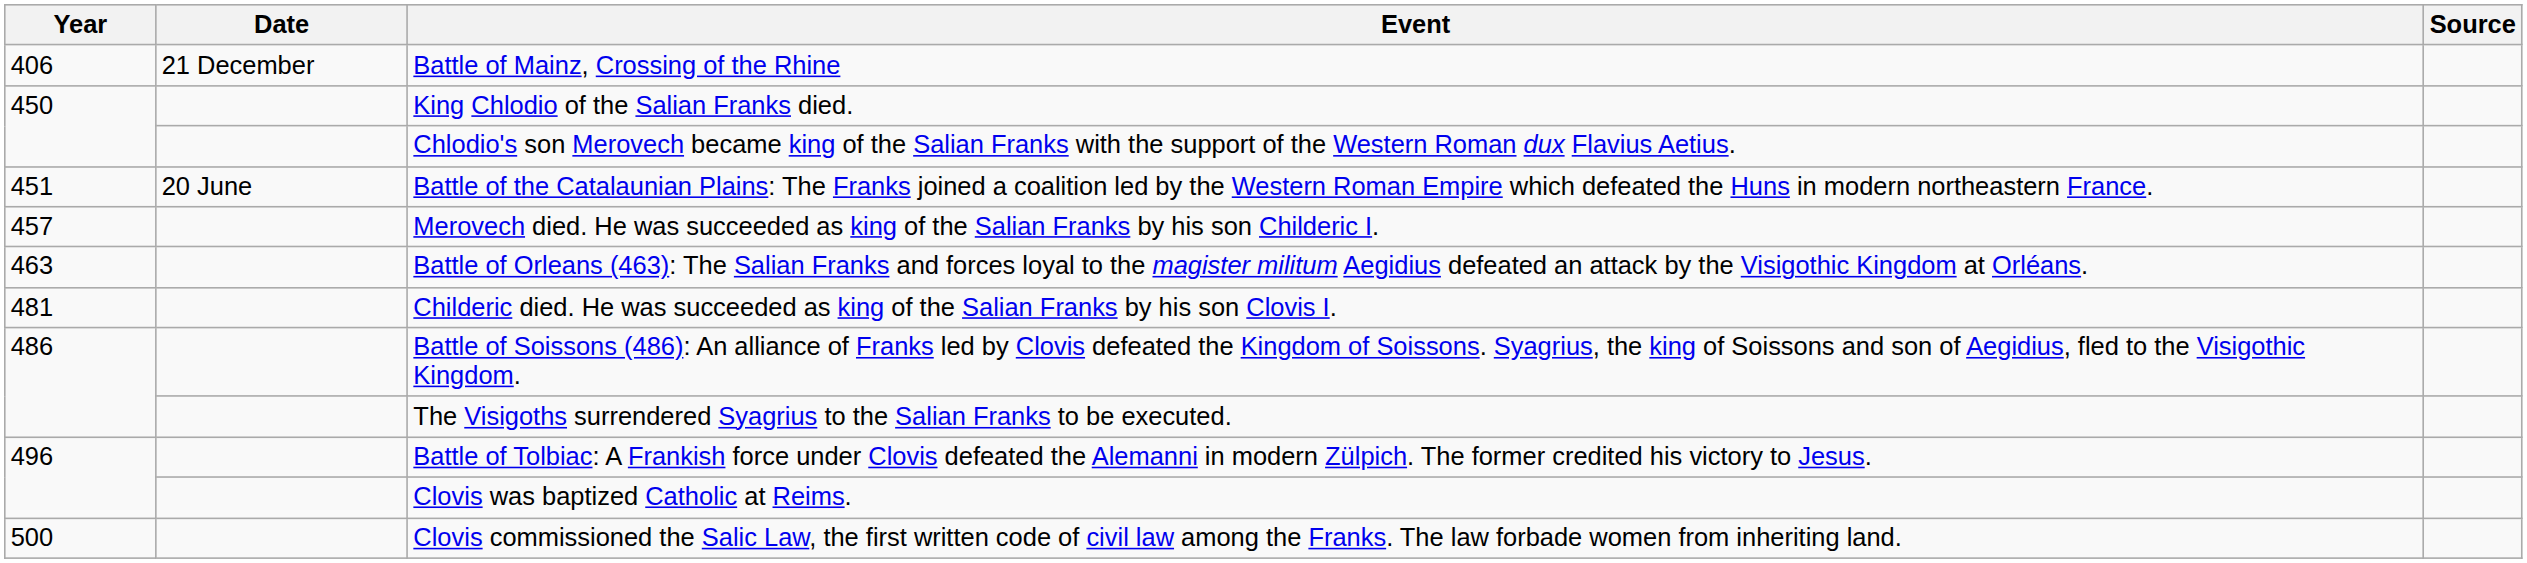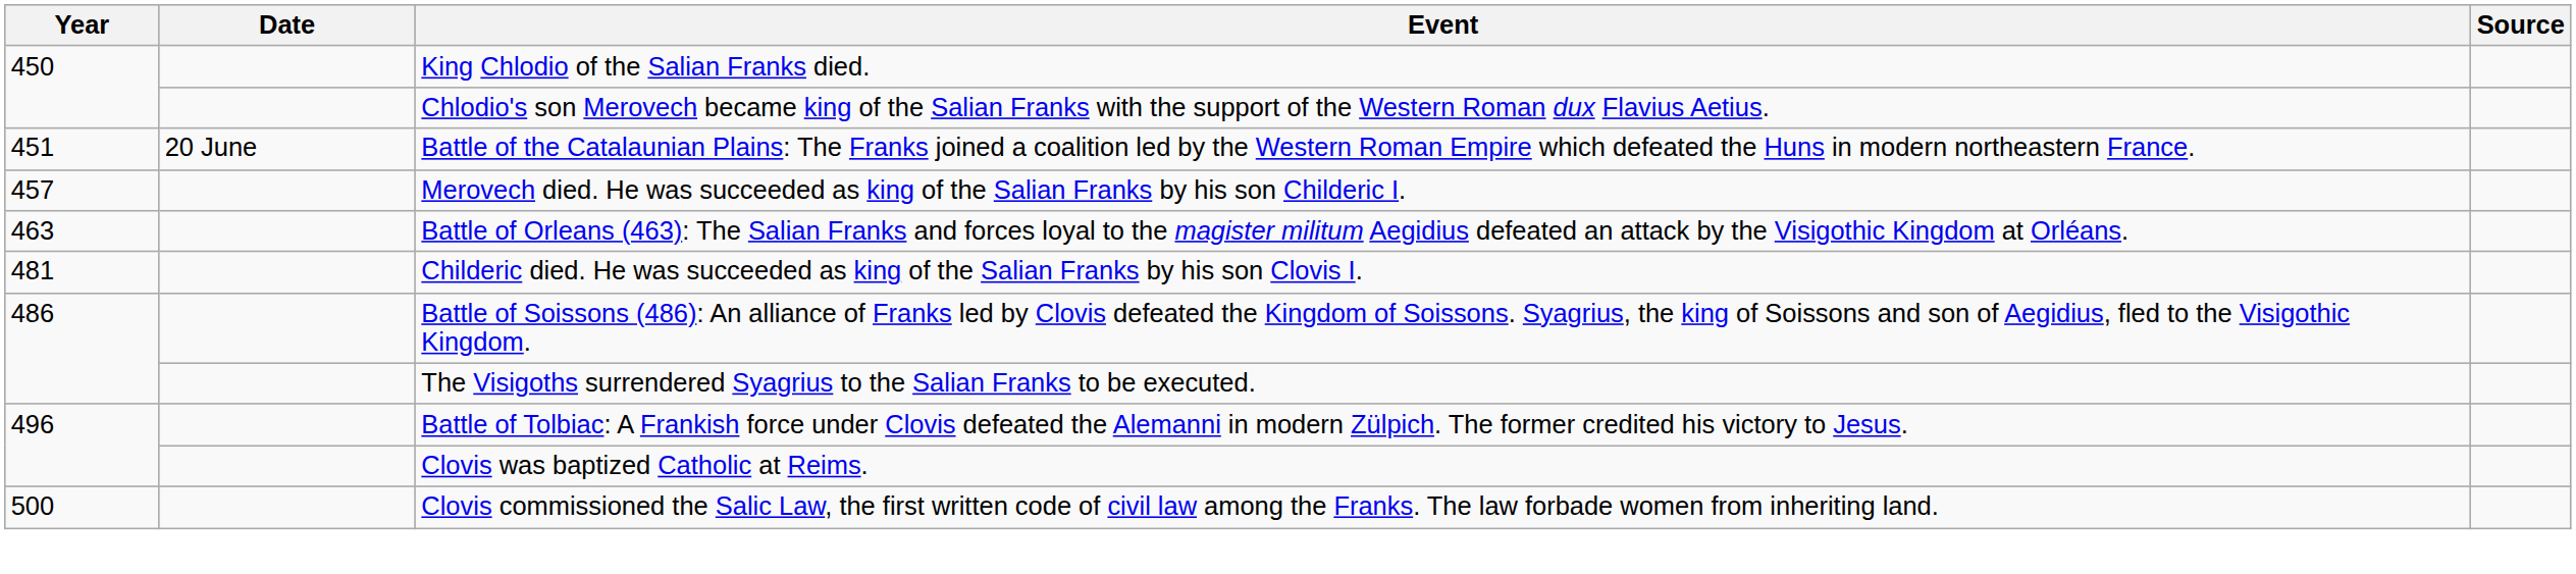 <table class="wikitable" width="100%">
 <tr>
 <th style="width:6%">Year</th>
 <th style="width:10%">Date</th>
 <th>Event</th>
 <th>Source</th>
-</tr>
-<tr>
-<td>406</td>
-<td>21 December</td>
-<td><a href='#'>Battle of Mainz</a>, <a href='#'>Crossing of the Rhine</a></td>
-<td></td>
 </tr>
 <tr>
 <td rowspan="2" valign="top">450</td>
 <td></td>
 <td><a href='#'>King</a> <a href='#'>Chlodio</a> of the <a href='#'>Salian Franks</a> died.</td>
 <td></td>
 </tr>
 <tr>
 <td></td>
 <td><a href='#'>Chlodio's</a> son <a href='#'>Merovech</a> became <a href='#'>king</a> of the <a href='#'>Salian Franks</a> with the support of the <a href='#'>Western Roman</a> <em><a href='#'>dux</a></em> <a href='#'>Flavius Aetius</a>.</td>
 <td></td>
 </tr>
 <tr>
 <td>451</td>
 <td>20 June</td>
 <td><a href='#'>Battle of the Catalaunian Plains</a>: The <a href='#'>Franks</a> joined a coalition led by the <a href='#'>Western Roman Empire</a> which defeated the <a href='#'>Huns</a> in modern northeastern <a href='#'>France</a>.</td>
 <td></td>
 </tr>
 <tr>
 <td>457</td>
 <td></td>
 <td><a href='#'>Merovech</a> died.  He was succeeded as <a href='#'>king</a> of the <a href='#'>Salian Franks</a> by his son <a href='#'>Childeric I</a>.</td>
 <td></td>
 </tr>
 <tr>
 <td>463</td>
 <td></td>
 <td><a href='#'>Battle of Orleans (463)</a>: The <a href='#'>Salian Franks</a> and forces loyal to the <em><a href='#'>magister militum</a></em> <a href='#'>Aegidius</a> defeated an attack by the <a href='#'>Visigothic Kingdom</a> at <a href='#'>Orléans</a>.</td>
 <td></td>
 </tr>
 <tr>
 <td>481</td>
 <td></td>
 <td><a href='#'>Childeric</a> died.  He was succeeded as <a href='#'>king</a> of the <a href='#'>Salian Franks</a> by his son <a href='#'>Clovis I</a>.</td>
 <td></td>
 </tr>
 <tr>
 <td rowspan="2" valign="top">486</td>
 <td></td>
 <td><a href='#'>Battle of Soissons (486)</a>: An alliance of <a href='#'>Franks</a> led by <a href='#'>Clovis</a> defeated the <a href='#'>Kingdom of Soissons</a>. <a href='#'>Syagrius</a>, the <a href='#'>king</a> of Soissons and son of <a href='#'>Aegidius</a>, fled to the <a href='#'>Visigothic Kingdom</a>.</td>
 <td></td>
 </tr>
 <tr>
 <td></td>
 <td>The <a href='#'>Visigoths</a> surrendered <a href='#'>Syagrius</a> to the <a href='#'>Salian Franks</a> to be executed.</td>
 <td></td>
 </tr>
 <tr>
 <td rowspan="2" valign="top">496</td>
 <td></td>
 <td><a href='#'>Battle of Tolbiac</a>: A <a href='#'>Frankish</a> force under <a href='#'>Clovis</a> defeated the <a href='#'>Alemanni</a> in modern <a href='#'>Zülpich</a>.  The former credited his victory to <a href='#'>Jesus</a>.</td>
 <td></td>
 </tr>
 <tr>
 <td></td>
 <td><a href='#'>Clovis</a> was baptized <a href='#'>Catholic</a> at <a href='#'>Reims</a>.</td>
 <td></td>
 </tr>
 <tr>
 <td>500</td>
 <td></td>
 <td><a href='#'>Clovis</a> commissioned the <a href='#'>Salic Law</a>, the first written code of <a href='#'>civil law</a> among the <a href='#'>Franks</a>.  The law forbade women from inheriting land.</td>
 <td></td>
 </tr>
 </table>
